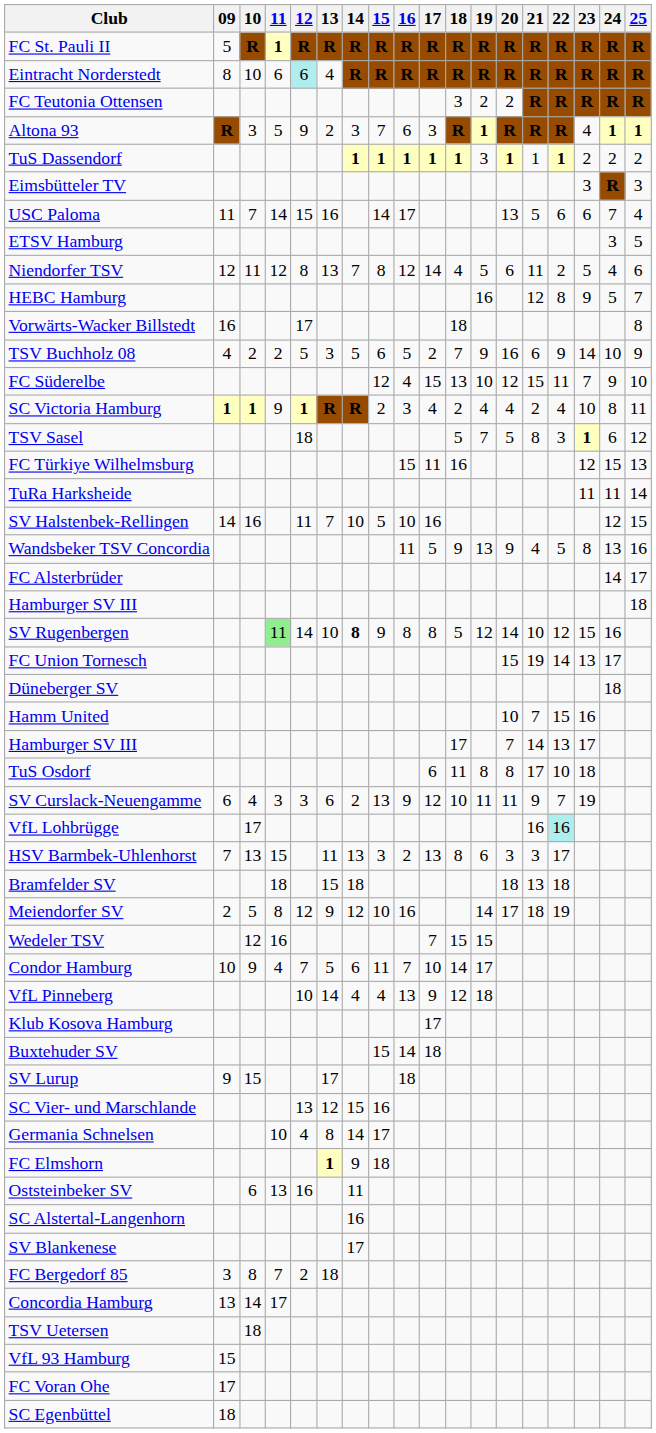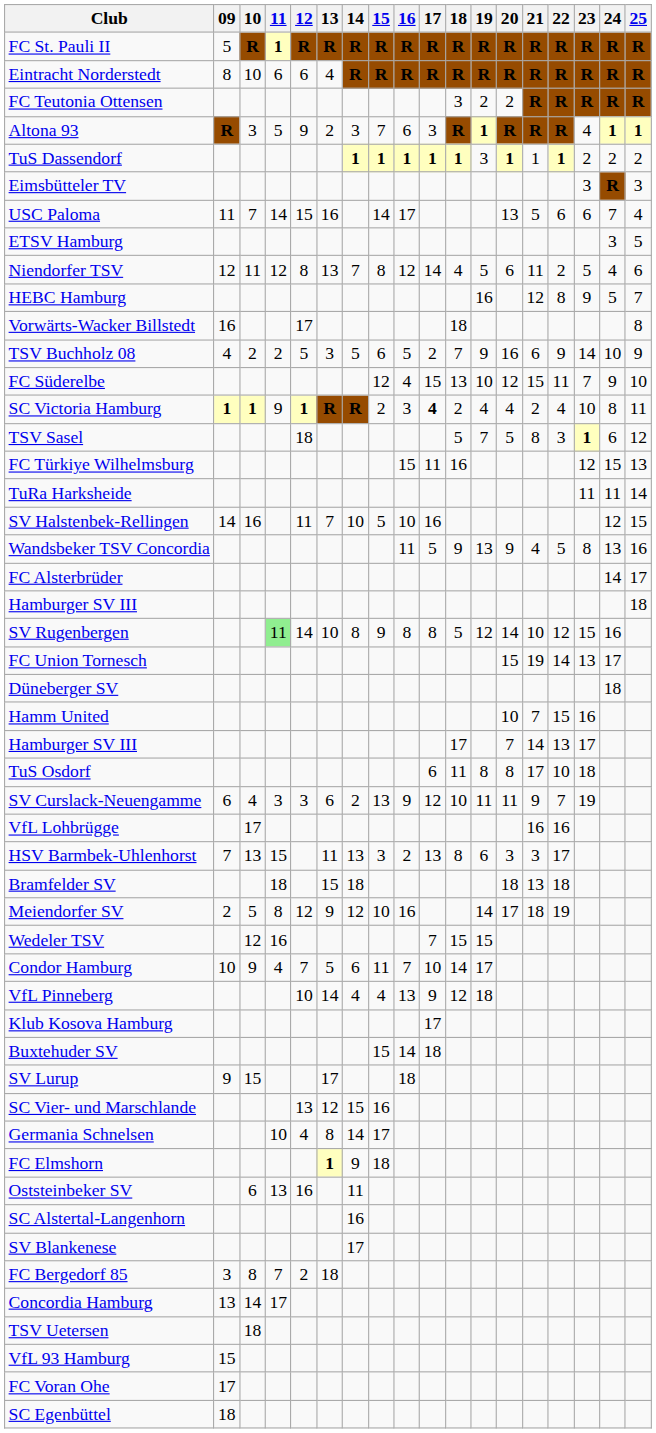 <table class="wikitable sortable">
 <tr>
 <th>Club</th>
 <th class="unsortable">09</th>
 <th class="unsortable">10</th>
 <th class="unsortable"><a href='#'>11</a></th>
 <th class="unsortable"><a href='#'>12</a></th>
 <th class="unsortable">13</th>
 <th class="unsortable">14</th>
 <th class="unsortable"><a href='#'>15</a></th>
 <th class="unsortable"><a href='#'>16</a></th>
 <th class="unsortable">17</th>
 <th class="unsortable">18</th>
 <th class="unsortable">19</th>
 <th class="unsortable">20</th>
 <th class="unsortable">21</th>
 <th class="unsortable">22</th>
 <th class="unsortable">23</th>
 <th class="unsortable">24</th>
 <th class="unsortable"><a href='#'>25</a></th>
 </tr>
 <tr align="center">
 <td align="left"><a href='#'>FC St. Pauli II</a></td>
 <td>5</td>
 <td style="background:#964B00"><strong>R</strong></td>
 <td style="background:#ffffbf"><strong>1</strong></td>
 <td style="background:#964B00"><strong>R</strong></td>
 <td style="background:#964B00"><strong>R</strong></td>
 <td style="background:#964B00"><strong>R</strong></td>
 <td style="background:#964B00"><strong>R</strong></td>
 <td style="background:#964B00"><strong>R</strong></td>
 <td style="background:#964B00"><strong>R</strong></td>
 <td style="background:#964B00"><strong>R</strong></td>
 <td style="background:#964B00"><strong>R</strong></td>
 <td style="background:#964B00"><strong>R</strong></td>
 <td style="background:#964B00"><strong>R</strong></td>
 <td style="background:#964B00"><strong>R</strong></td>
 <td style="background:#964B00"><strong>R</strong></td>
 <td style="background:#964B00"><strong>R</strong></td>
 <td style="background:#964B00"><strong>R</strong></td>
 </tr>
 <tr align="center">
 <td align="left"><a href='#'>Eintracht Norderstedt</a></td>
 <td>8</td>
 <td>10</td>
 <td>6</td>
-<td style="background: paleturquoise;">6</td>
+<td>6</td>
 <td>4</td>
 <td style="background:#964B00"><strong>R</strong></td>
 <td style="background:#964B00"><strong>R</strong></td>
 <td style="background:#964B00"><strong>R</strong></td>
 <td style="background:#964B00"><strong>R</strong></td>
 <td style="background:#964B00"><strong>R</strong></td>
 <td style="background:#964B00"><strong>R</strong></td>
 <td style="background:#964B00"><strong>R</strong></td>
 <td style="background:#964B00"><strong>R</strong></td>
 <td style="background:#964B00"><strong>R</strong></td>
 <td style="background:#964B00"><strong>R</strong></td>
 <td style="background:#964B00"><strong>R</strong></td>
 <td style="background:#964B00"><strong>R</strong></td>
 </tr>
 <tr align="center">
 <td align="left"><a href='#'>FC Teutonia Ottensen</a></td>
 <td></td>
 <td></td>
 <td></td>
 <td></td>
 <td></td>
 <td></td>
 <td></td>
 <td></td>
 <td></td>
 <td>3</td>
 <td>2</td>
 <td>2</td>
 <td style="background:#964B00"><strong>R</strong></td>
 <td style="background:#964B00"><strong>R</strong></td>
 <td style="background:#964B00"><strong>R</strong></td>
 <td style="background:#964B00"><strong>R</strong></td>
 <td style="background:#964B00"><strong>R</strong></td>
 </tr>
 <tr align="center">
 <td align="left"><a href='#'>Altona 93</a></td>
 <td style="background:#964B00"><strong>R</strong></td>
 <td>3</td>
 <td>5</td>
 <td>9</td>
 <td>2</td>
 <td>3</td>
 <td>7</td>
 <td>6</td>
 <td>3</td>
 <td style="background:#964B00"><strong>R</strong></td>
 <td style="background:#ffffbf"><strong>1</strong></td>
 <td style="background:#964B00"><strong>R</strong></td>
 <td style="background:#964B00"><strong>R</strong></td>
 <td style="background:#964B00"><strong>R</strong></td>
 <td>4</td>
 <td style="background:#ffffbf"><strong>1</strong></td>
 <td style="background:#ffffbf"><strong>1</strong></td>
 </tr>
 <tr align="center">
 <td align="left"><a href='#'>TuS Dassendorf</a></td>
 <td></td>
 <td></td>
 <td></td>
 <td></td>
 <td></td>
 <td style="background:#ffffbf"><strong>1</strong></td>
 <td style="background:#ffffbf"><strong>1</strong></td>
 <td style="background:#ffffbf"><strong>1</strong></td>
 <td style="background:#ffffbf"><strong>1</strong></td>
 <td style="background:#ffffbf"><strong>1</strong></td>
 <td>3</td>
 <td style="background:#ffffbf"><strong>1</strong></td>
 <td>1</td>
 <td style="background:#ffffbf"><strong>1</strong></td>
 <td>2</td>
 <td>2</td>
 <td>2</td>
 </tr>
 <tr align="center">
 <td align="left"><a href='#'>Eimsbütteler TV</a></td>
 <td></td>
 <td></td>
 <td></td>
 <td></td>
 <td></td>
 <td></td>
 <td></td>
 <td></td>
 <td></td>
 <td></td>
 <td></td>
 <td></td>
 <td></td>
 <td></td>
 <td>3</td>
 <td style="background:#964B00"><strong>R</strong></td>
 <td>3</td>
 </tr>
 <tr align="center">
 <td align="left"><a href='#'>USC Paloma</a></td>
 <td>11</td>
 <td>7</td>
 <td>14</td>
 <td>15</td>
 <td>16</td>
 <td></td>
 <td>14</td>
 <td>17</td>
 <td></td>
 <td></td>
 <td></td>
 <td>13</td>
 <td>5</td>
 <td>6</td>
 <td>6</td>
 <td>7</td>
 <td>4</td>
 </tr>
 <tr align="center">
 <td align="left"><a href='#'>ETSV Hamburg</a></td>
 <td></td>
 <td></td>
 <td></td>
 <td></td>
 <td></td>
 <td></td>
 <td></td>
 <td></td>
 <td></td>
 <td></td>
 <td></td>
 <td></td>
 <td></td>
 <td></td>
 <td></td>
 <td>3</td>
 <td>5</td>
 </tr>
 <tr align="center">
 <td align="left"><a href='#'>Niendorfer TSV</a></td>
 <td>12</td>
 <td>11</td>
 <td>12</td>
 <td>8</td>
 <td>13</td>
 <td>7</td>
 <td>8</td>
 <td>12</td>
 <td>14</td>
 <td>4</td>
 <td>5</td>
 <td>6</td>
 <td>11</td>
 <td>2</td>
 <td>5</td>
 <td>4</td>
 <td>6</td>
 </tr>
 <tr align="center">
 <td align="left"><a href='#'>HEBC Hamburg</a></td>
 <td></td>
 <td></td>
 <td></td>
 <td></td>
 <td></td>
 <td></td>
 <td></td>
 <td></td>
 <td></td>
 <td></td>
 <td>16</td>
 <td></td>
 <td>12</td>
 <td>8</td>
 <td>9</td>
 <td>5</td>
 <td>7</td>
 </tr>
 <tr align="center">
 <td align="left"><a href='#'>Vorwärts-Wacker Billstedt</a></td>
 <td>16</td>
 <td></td>
 <td></td>
 <td>17</td>
 <td></td>
 <td></td>
 <td></td>
 <td></td>
 <td></td>
 <td>18</td>
 <td></td>
 <td></td>
 <td></td>
 <td></td>
 <td></td>
 <td></td>
 <td>8</td>
 </tr>
 <tr align="center">
 <td align="left"><a href='#'>TSV Buchholz 08</a></td>
 <td>4</td>
 <td>2</td>
 <td>2</td>
 <td>5</td>
 <td>3</td>
 <td>5</td>
 <td>6</td>
 <td>5</td>
 <td>2</td>
 <td>7</td>
 <td>9</td>
 <td>16</td>
 <td>6</td>
 <td>9</td>
 <td>14</td>
 <td>10</td>
 <td>9</td>
 </tr>
 <tr align="center">
 <td align="left"><a href='#'>FC Süderelbe</a></td>
 <td></td>
 <td></td>
 <td></td>
 <td></td>
 <td></td>
 <td></td>
 <td>12</td>
 <td>4</td>
 <td>15</td>
 <td>13</td>
 <td>10</td>
 <td>12</td>
 <td>15</td>
 <td>11</td>
 <td>7</td>
 <td>9</td>
 <td>10</td>
 </tr>
 <tr align="center">
 <td align="left"><a href='#'>SC Victoria Hamburg</a></td>
 <td style="background:#ffffbf"><strong>1</strong></td>
 <td style="background:#ffffbf"><strong>1</strong></td>
 <td>9</td>
 <td style="background:#ffffbf"><strong>1</strong></td>
 <td style="background:#964B00"><strong>R</strong></td>
 <td style="background:#964B00"><strong>R</strong></td>
 <td>2</td>
 <td>3</td>
-<td>4</td>
+<td><strong>4</strong></td>
 <td>2</td>
 <td>4</td>
 <td>4</td>
 <td>2</td>
 <td>4</td>
 <td>10</td>
 <td>8</td>
 <td>11</td>
 </tr>
 <tr align="center">
 <td align="left"><a href='#'>TSV Sasel</a></td>
 <td></td>
 <td></td>
 <td></td>
 <td>18</td>
 <td></td>
 <td></td>
 <td></td>
 <td></td>
 <td></td>
 <td>5</td>
 <td>7</td>
 <td>5</td>
 <td>8</td>
 <td>3</td>
 <td style="background:#ffffbf"><strong>1</strong></td>
 <td>6</td>
 <td>12</td>
 </tr>
 <tr align="center">
 <td align="left"><a href='#'>FC Türkiye Wilhelmsburg</a></td>
 <td></td>
 <td></td>
 <td></td>
 <td></td>
 <td></td>
 <td></td>
 <td></td>
 <td>15</td>
 <td>11</td>
 <td>16</td>
 <td></td>
 <td></td>
 <td></td>
 <td></td>
 <td>12</td>
 <td>15</td>
 <td>13</td>
 </tr>
 <tr align="center">
 <td align="left"><a href='#'>TuRa Harksheide</a></td>
 <td></td>
 <td></td>
 <td></td>
 <td></td>
 <td></td>
 <td></td>
 <td></td>
 <td></td>
 <td></td>
 <td></td>
 <td></td>
 <td></td>
 <td></td>
 <td></td>
 <td>11</td>
 <td>11</td>
 <td>14</td>
 </tr>
 <tr align="center">
 <td align="left"><a href='#'>SV Halstenbek-Rellingen</a></td>
 <td>14</td>
 <td>16</td>
 <td></td>
 <td>11</td>
 <td>7</td>
 <td>10</td>
 <td>5</td>
 <td>10</td>
 <td>16</td>
 <td></td>
 <td></td>
 <td></td>
 <td></td>
 <td></td>
 <td></td>
 <td>12</td>
 <td>15</td>
 </tr>
 <tr align="center">
 <td align="left"><a href='#'>Wandsbeker TSV Concordia</a></td>
 <td></td>
 <td></td>
 <td></td>
 <td></td>
 <td></td>
 <td></td>
 <td></td>
 <td>11</td>
 <td>5</td>
 <td>9</td>
 <td>13</td>
 <td>9</td>
 <td>4</td>
 <td>5</td>
 <td>8</td>
 <td>13</td>
 <td>16</td>
 </tr>
 <tr align="center">
 <td align="left"><a href='#'>FC Alsterbrüder</a></td>
 <td></td>
 <td></td>
 <td></td>
 <td></td>
 <td></td>
 <td></td>
 <td></td>
 <td></td>
 <td></td>
 <td></td>
 <td></td>
 <td></td>
 <td></td>
 <td></td>
 <td></td>
 <td>14</td>
 <td>17</td>
 </tr>
 <tr align="center">
 <td align="left"><a href='#'>Hamburger SV III</a></td>
 <td></td>
 <td></td>
 <td></td>
 <td></td>
 <td></td>
 <td></td>
 <td></td>
 <td></td>
 <td></td>
 <td></td>
 <td></td>
 <td></td>
 <td></td>
 <td></td>
 <td></td>
 <td></td>
 <td>18</td>
 </tr>
 <tr align="center">
 <td align="left"><a href='#'>SV Rugenbergen</a></td>
 <td></td>
 <td></td>
 <td style="background: lightgreen;">11</td>
 <td>14</td>
 <td>10</td>
-<td><strong>8</strong></td>
+<td>8</td>
 <td>9</td>
 <td>8</td>
 <td>8</td>
 <td>5</td>
 <td>12</td>
 <td>14</td>
 <td>10</td>
 <td>12</td>
 <td>15</td>
 <td>16</td>
 <td></td>
 </tr>
 <tr align="center">
 <td align="left"><a href='#'>FC Union Tornesch</a></td>
 <td></td>
 <td></td>
 <td></td>
 <td></td>
 <td></td>
 <td></td>
 <td></td>
 <td></td>
 <td></td>
 <td></td>
 <td></td>
 <td>15</td>
 <td>19</td>
 <td>14</td>
 <td>13</td>
 <td>17</td>
 <td></td>
 </tr>
 <tr align="center">
 <td align="left"><a href='#'>Düneberger SV</a></td>
 <td></td>
 <td></td>
 <td></td>
 <td></td>
 <td></td>
 <td></td>
 <td></td>
 <td></td>
 <td></td>
 <td></td>
 <td></td>
 <td></td>
 <td></td>
 <td></td>
 <td></td>
 <td>18</td>
 <td></td>
 </tr>
 <tr align="center">
 <td align="left"><a href='#'>Hamm United</a></td>
 <td></td>
 <td></td>
 <td></td>
 <td></td>
 <td></td>
 <td></td>
 <td></td>
 <td></td>
 <td></td>
 <td></td>
 <td></td>
 <td>10</td>
 <td>7</td>
 <td>15</td>
 <td>16</td>
 <td></td>
 <td></td>
 </tr>
 <tr align="center">
 <td align="left"><a href='#'>Hamburger SV III</a></td>
 <td></td>
 <td></td>
 <td></td>
 <td></td>
 <td></td>
 <td></td>
 <td></td>
 <td></td>
 <td></td>
 <td>17</td>
 <td></td>
 <td>7</td>
 <td>14</td>
 <td>13</td>
 <td>17</td>
 <td></td>
 <td></td>
 </tr>
 <tr align="center">
 <td align="left"><a href='#'>TuS Osdorf</a></td>
 <td></td>
 <td></td>
 <td></td>
 <td></td>
 <td></td>
 <td></td>
 <td></td>
 <td></td>
 <td>6</td>
 <td>11</td>
 <td>8</td>
 <td>8</td>
 <td>17</td>
 <td>10</td>
 <td>18</td>
 <td></td>
 <td></td>
 </tr>
 <tr align="center">
 <td align="left"><a href='#'>SV Curslack-Neuengamme</a></td>
 <td>6</td>
 <td>4</td>
 <td>3</td>
 <td>3</td>
 <td>6</td>
 <td>2</td>
 <td>13</td>
 <td>9</td>
 <td>12</td>
 <td>10</td>
 <td>11</td>
 <td>11</td>
 <td>9</td>
 <td>7</td>
 <td>19</td>
 <td></td>
 <td></td>
 </tr>
 <tr align="center">
 <td align="left"><a href='#'>VfL Lohbrügge</a></td>
 <td></td>
 <td>17</td>
 <td></td>
 <td></td>
 <td></td>
 <td></td>
 <td></td>
 <td></td>
 <td></td>
 <td></td>
 <td></td>
 <td></td>
 <td>16</td>
-<td style="background: paleturquoise;">16</td>
+<td>16</td>
 <td></td>
 <td></td>
 <td></td>
 </tr>
 <tr align="center">
 <td align="left"><a href='#'>HSV Barmbek-Uhlenhorst</a></td>
 <td>7</td>
 <td>13</td>
 <td>15</td>
 <td></td>
 <td>11</td>
 <td>13</td>
 <td>3</td>
 <td>2</td>
 <td>13</td>
 <td>8</td>
 <td>6</td>
 <td>3</td>
 <td>3</td>
 <td>17</td>
 <td></td>
 <td></td>
 <td></td>
 </tr>
 <tr align="center">
 <td align="left"><a href='#'>Bramfelder SV</a></td>
 <td></td>
 <td></td>
 <td>18</td>
 <td></td>
 <td>15</td>
 <td>18</td>
 <td></td>
 <td></td>
 <td></td>
 <td></td>
 <td></td>
 <td>18</td>
 <td>13</td>
 <td>18</td>
 <td></td>
 <td></td>
 <td></td>
 </tr>
 <tr align="center">
 <td align="left"><a href='#'>Meiendorfer SV</a></td>
 <td>2</td>
 <td>5</td>
 <td>8</td>
 <td>12</td>
 <td>9</td>
 <td>12</td>
 <td>10</td>
 <td>16</td>
 <td></td>
 <td></td>
 <td>14</td>
 <td>17</td>
 <td>18</td>
 <td>19</td>
 <td></td>
 <td></td>
 <td></td>
 </tr>
 <tr align="center">
 <td align="left"><a href='#'>Wedeler TSV</a></td>
 <td></td>
 <td>12</td>
 <td>16</td>
 <td></td>
 <td></td>
 <td></td>
 <td></td>
 <td></td>
 <td>7</td>
 <td>15</td>
 <td>15</td>
 <td></td>
 <td></td>
 <td></td>
 <td></td>
 <td></td>
 <td></td>
 </tr>
 <tr align="center">
 <td align="left"><a href='#'>Condor Hamburg</a></td>
 <td>10</td>
 <td>9</td>
 <td>4</td>
 <td>7</td>
 <td>5</td>
 <td>6</td>
 <td>11</td>
 <td>7</td>
 <td>10</td>
 <td>14</td>
 <td>17</td>
 <td></td>
 <td></td>
 <td></td>
 <td></td>
 <td></td>
 <td></td>
 </tr>
 <tr align="center">
 <td align="left"><a href='#'>VfL Pinneberg</a></td>
 <td></td>
 <td></td>
 <td></td>
 <td>10</td>
 <td>14</td>
 <td>4</td>
 <td>4</td>
 <td>13</td>
 <td>9</td>
 <td>12</td>
 <td>18</td>
 <td></td>
 <td></td>
 <td></td>
 <td></td>
 <td></td>
 <td></td>
 </tr>
 <tr align="center">
 <td align="left"><a href='#'>Klub Kosova Hamburg</a></td>
 <td></td>
 <td></td>
 <td></td>
 <td></td>
 <td></td>
 <td></td>
 <td></td>
 <td></td>
 <td>17</td>
 <td></td>
 <td></td>
 <td></td>
 <td></td>
 <td></td>
 <td></td>
 <td></td>
 <td></td>
 </tr>
 <tr align="center">
 <td align="left"><a href='#'>Buxtehuder SV</a></td>
 <td></td>
 <td></td>
 <td></td>
 <td></td>
 <td></td>
 <td></td>
 <td>15</td>
 <td>14</td>
 <td>18</td>
 <td></td>
 <td></td>
 <td></td>
 <td></td>
 <td></td>
 <td></td>
 <td></td>
 <td></td>
 </tr>
 <tr align="center">
 <td align="left"><a href='#'>SV Lurup</a></td>
 <td>9</td>
 <td>15</td>
 <td></td>
 <td></td>
 <td>17</td>
 <td></td>
 <td></td>
 <td>18</td>
 <td></td>
 <td></td>
 <td></td>
 <td></td>
 <td></td>
 <td></td>
 <td></td>
 <td></td>
 <td></td>
 </tr>
 <tr align="center">
 <td align="left"><a href='#'>SC Vier- und Marschlande</a></td>
 <td></td>
 <td></td>
 <td></td>
 <td>13</td>
 <td>12</td>
 <td>15</td>
 <td>16</td>
 <td></td>
 <td></td>
 <td></td>
 <td></td>
 <td></td>
 <td></td>
 <td></td>
 <td></td>
 <td></td>
 <td></td>
 </tr>
 <tr align="center">
 <td align="left"><a href='#'>Germania Schnelsen</a></td>
 <td></td>
 <td></td>
 <td>10</td>
 <td>4</td>
 <td>8</td>
 <td>14</td>
 <td>17</td>
 <td></td>
 <td></td>
 <td></td>
 <td></td>
 <td></td>
 <td></td>
 <td></td>
 <td></td>
 <td></td>
 <td></td>
 </tr>
 <tr align="center">
 <td align="left"><a href='#'>FC Elmshorn</a></td>
 <td></td>
 <td></td>
 <td></td>
 <td></td>
 <td style="background:#ffffbf"><strong>1</strong></td>
 <td>9</td>
 <td>18</td>
 <td></td>
 <td></td>
 <td></td>
 <td></td>
 <td></td>
 <td></td>
 <td></td>
 <td></td>
 <td></td>
 <td></td>
 </tr>
 <tr align="center">
 <td align="left"><a href='#'>Oststeinbeker SV</a></td>
 <td></td>
 <td>6</td>
 <td>13</td>
 <td>16</td>
 <td></td>
 <td>11</td>
 <td></td>
 <td></td>
 <td></td>
 <td></td>
 <td></td>
 <td></td>
 <td></td>
 <td></td>
 <td></td>
 <td></td>
 </tr>
 <tr align="center">
 <td align="left"><a href='#'>SC Alstertal-Langenhorn</a></td>
 <td></td>
 <td></td>
 <td></td>
 <td></td>
 <td></td>
 <td>16</td>
 <td></td>
 <td></td>
 <td></td>
 <td></td>
 <td></td>
 <td></td>
 <td></td>
 <td></td>
 <td></td>
 <td></td>
 <td></td>
 </tr>
 <tr align="center">
 <td align="left"><a href='#'>SV Blankenese</a></td>
 <td></td>
 <td></td>
 <td></td>
 <td></td>
 <td></td>
 <td>17</td>
 <td></td>
 <td></td>
 <td></td>
 <td></td>
 <td></td>
 <td></td>
 <td></td>
 <td></td>
 <td></td>
 <td></td>
 <td></td>
 </tr>
 <tr align="center">
 <td align="left"><a href='#'>FC Bergedorf 85</a></td>
 <td>3</td>
 <td>8</td>
 <td>7</td>
 <td>2</td>
 <td>18</td>
 <td></td>
 <td></td>
 <td></td>
 <td></td>
 <td></td>
 <td></td>
 <td></td>
 <td></td>
 <td></td>
 <td></td>
 <td></td>
 <td></td>
 </tr>
 <tr align="center">
 <td align="left"><a href='#'>Concordia Hamburg</a></td>
 <td>13</td>
 <td>14</td>
 <td>17</td>
 <td></td>
 <td></td>
 <td></td>
 <td></td>
 <td></td>
 <td></td>
 <td></td>
 <td></td>
 <td></td>
 <td></td>
 <td></td>
 <td></td>
 <td></td>
 </tr>
 <tr align="center">
 <td align="left"><a href='#'>TSV Uetersen</a></td>
 <td></td>
 <td>18</td>
 <td></td>
 <td></td>
 <td></td>
 <td></td>
 <td></td>
 <td></td>
 <td></td>
 <td></td>
 <td></td>
 <td></td>
 <td></td>
 <td></td>
 <td></td>
 <td></td>
 <td></td>
 </tr>
 <tr align="center">
 <td align="left"><a href='#'>VfL 93 Hamburg</a></td>
 <td>15</td>
 <td></td>
 <td></td>
 <td></td>
 <td></td>
 <td></td>
 <td></td>
 <td></td>
 <td></td>
 <td></td>
 <td></td>
 <td></td>
 <td></td>
 <td></td>
 <td></td>
 <td></td>
 <td></td>
 </tr>
 <tr align="center">
 <td align="left"><a href='#'>FC Voran Ohe</a></td>
 <td>17</td>
 <td></td>
 <td></td>
 <td></td>
 <td></td>
 <td></td>
 <td></td>
 <td></td>
 <td></td>
 <td></td>
 <td></td>
 <td></td>
 <td></td>
 <td></td>
 <td></td>
 <td></td>
 <td></td>
 </tr>
 <tr align="center">
 <td align="left"><a href='#'>SC Egenbüttel</a></td>
 <td>18</td>
 <td></td>
 <td></td>
 <td></td>
 <td></td>
 <td></td>
 <td></td>
 <td></td>
 <td></td>
 <td></td>
 <td></td>
 <td></td>
 <td></td>
 <td></td>
 <td></td>
 <td></td>
 <td></td>
 </tr>
 </table>
